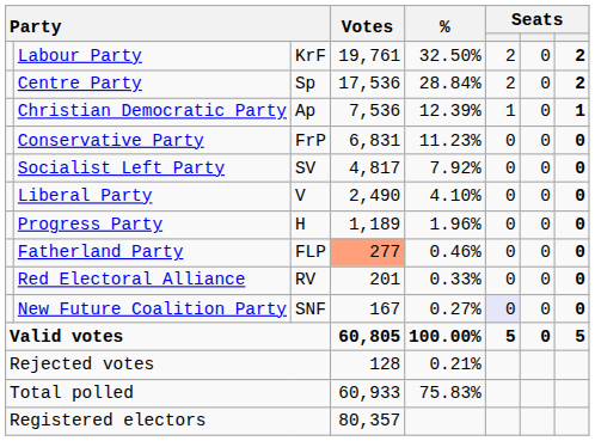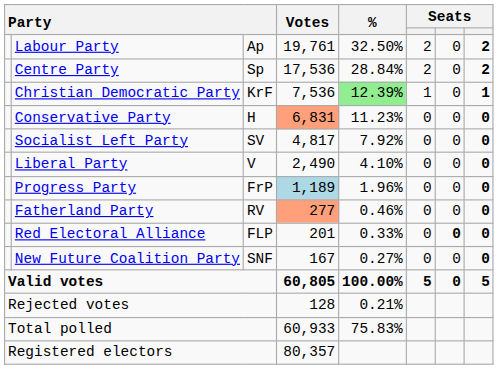 <table class="wikitable" border="1" style="text-align:right;">
 <tr>
 <th style="text-align:left;" valign=bottom rowspan=2 colspan=3>Party</th>
 <th align=center valign=bottom rowspan=2 width="50">Votes</th>
 <th align=center valign=bottom rowspan=2 width="50">%</th>
 <th colspan=3>Seats</th>
 </tr>
 <tr>
 <th align=center valign=bottom width="20"><small></small></th>
 <th align=center valign=bottom width="20"><small><a href='#'></a></small></th>
 <th align=center valign=bottom width="20"><small></small></th>
 </tr>
 <tr>
 <td style="color:inherit;background:"></td>
 <td align=left><a href='#'>Labour Party</a></td>
-<td align=left>KrF</td>
+<td align=left>Ap</td>
 <td>19,761</td>
 <td>32.50%</td>
 <td>2</td>
 <td>0</td>
 <td><strong>2</strong></td>
 </tr>
 <tr>
 <td style="color:inherit;background:"></td>
 <td align=left><a href='#'>Centre Party</a></td>
 <td align=left>Sp</td>
 <td>17,536</td>
 <td>28.84%</td>
 <td>2</td>
 <td>0</td>
 <td><strong>2</strong></td>
 </tr>
 <tr>
 <td style="color:inherit;background:"></td>
 <td align=left><a href='#'>Christian Democratic Party</a></td>
-<td align=left>Ap</td>
+<td align=left>KrF</td>
 <td>7,536</td>
-<td>12.39%</td>
+<td style="background: lightgreen;">12.39%</td>
 <td>1</td>
 <td>0</td>
 <td><strong>1</strong></td>
 </tr>
 <tr>
 <td style="color:inherit;background:"></td>
 <td align=left><a href='#'>Conservative Party</a></td>
-<td align=left>FrP</td>
-<td>6,831</td>
+<td align=left>H</td>
+<td style="background: lightsalmon;">6,831</td>
 <td>11.23%</td>
 <td>0</td>
 <td>0</td>
 <td><strong>0</strong></td>
 </tr>
 <tr>
 <td style="color:inherit;background:"></td>
 <td align=left><a href='#'>Socialist Left Party</a></td>
 <td align=left>SV</td>
 <td>4,817</td>
 <td>7.92%</td>
 <td>0</td>
 <td>0</td>
 <td><strong>0</strong></td>
 </tr>
 <tr>
 <td style="color:inherit;background:"></td>
 <td align=left><a href='#'>Liberal Party</a></td>
 <td align=left>V</td>
 <td>2,490</td>
 <td>4.10%</td>
 <td>0</td>
 <td>0</td>
 <td><strong>0</strong></td>
 </tr>
 <tr>
 <td style="color:inherit;background:"></td>
 <td align=left><a href='#'>Progress Party</a></td>
-<td align=left>H</td>
-<td>1,189</td>
+<td align=left>FrP</td>
+<td style="background: lightblue;">1,189</td>
 <td>1.96%</td>
 <td>0</td>
 <td>0</td>
 <td><strong>0</strong></td>
 </tr>
 <tr>
 <td style="color:inherit;background:"></td>
 <td align=left><a href='#'>Fatherland Party</a></td>
-<td align=left>FLP</td>
+<td align=left>RV</td>
 <td style="background: lightsalmon;">277</td>
 <td>0.46%</td>
 <td>0</td>
 <td>0</td>
 <td><strong>0</strong></td>
 </tr>
 <tr>
 <td style="color:inherit;background:"></td>
 <td align=left><a href='#'>Red Electoral Alliance</a></td>
-<td align=left>RV</td>
+<td align=left>FLP</td>
 <td>201</td>
 <td>0.33%</td>
 <td>0</td>
-<td>0</td>
+<td><strong>0</strong></td>
 <td><strong>0</strong></td>
 </tr>
 <tr>
 <td style="color:inherit;background:"></td>
 <td align=left><a href='#'>New Future Coalition Party</a></td>
 <td align=left>SNF</td>
 <td>167</td>
 <td>0.27%</td>
-<td style="background: lavender;">0</td>
+<td>0</td>
 <td>0</td>
 <td><strong>0</strong></td>
 </tr>
 <tr style="font-weight:bold">
 <td align=left colspan=3>Valid votes</td>
 <td>60,805</td>
 <td>100.00%</td>
 <td>5</td>
 <td>0</td>
 <td>5</td>
 </tr>
 <tr>
 <td align=left colspan=3>Rejected votes</td>
 <td>128</td>
 <td>0.21%</td>
 <td></td>
 <td></td>
 <td></td>
 </tr>
 <tr>
 <td align=left colspan=3>Total polled</td>
 <td>60,933</td>
 <td>75.83%</td>
 <td></td>
 <td></td>
 <td></td>
 </tr>
 <tr>
 <td align=left colspan=3>Registered electors</td>
 <td>80,357</td>
 <td></td>
 <td></td>
 <td></td>
 <td></td>
 </tr>
 </table>
